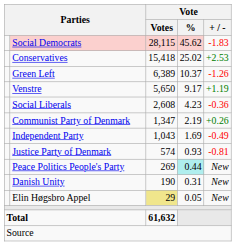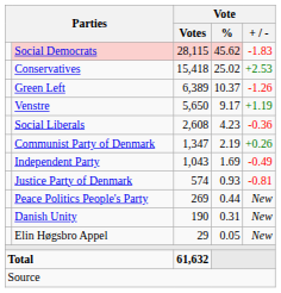 <table class="wikitable" style="text-align:right;">
 <tr>
 <th style="text-align:centre;" rowspan="2" colspan="2" width="225">Parties</th>
 <th colspan="3">Vote</th>
 </tr>
 <tr>
 <th width="15">Votes</th>
 <th width="15">%</th>
 <th width="15">+ / -</th>
 </tr>
 <tr>
 <td width="2" style="color:inherit;background:"></td>
 <td bgcolor=#fbd0ce  align="left"><a href='#'>Social Democrats</a></td>
 <td bgcolor=#fbd0ce>28,115</td>
 <td bgcolor=#fbd0ce>45.62</td>
 <td style=color:red;>-1.83</td>
 </tr>
 <tr>
 <td width="2" style="color:inherit;background:"></td>
 <td align="left"><a href='#'>Conservatives</a></td>
 <td>15,418</td>
 <td>25.02</td>
 <td style=color:green;>+2.53</td>
 </tr>
 <tr>
 <td width="2" style="color:inherit;background:"></td>
 <td align="left"><a href='#'>Green Left</a></td>
 <td>6,389</td>
 <td>10.37</td>
 <td style=color:red;>-1.26</td>
 </tr>
 <tr>
 <td width="2" style="color:inherit;background:"></td>
 <td align="left"><a href='#'>Venstre</a></td>
 <td>5,650</td>
 <td>9.17</td>
 <td style=color:green;>+1.19</td>
 </tr>
 <tr>
 <td width="2" style="color:inherit;background:"></td>
 <td align="left"><a href='#'>Social Liberals</a></td>
 <td>2,608</td>
 <td>4.23</td>
 <td style=color:red;>-0.36</td>
 </tr>
 <tr>
 <td width="2" style="color:inherit;background:"></td>
 <td align="left"><a href='#'>Communist Party of Denmark</a></td>
 <td>1,347</td>
 <td>2.19</td>
 <td style=color:green;>+0.26</td>
 </tr>
 <tr>
 <td width="2" style="color:inherit;background:"></td>
 <td align="left"><a href='#'>Independent Party</a></td>
 <td>1,043</td>
 <td>1.69</td>
 <td style=color:red;>-0.49</td>
 </tr>
 <tr>
 <td width="2" style="color:inherit;background:"></td>
 <td align="left"><a href='#'>Justice Party of Denmark</a></td>
 <td>574</td>
 <td>0.93</td>
 <td style=color:red;>-0.81</td>
 </tr>
 <tr>
 <td width="2" style="color:inherit;background:"></td>
 <td align="left"><a href='#'>Peace Politics People's Party</a></td>
 <td>269</td>
-<td style="background: paleturquoise;">0.44</td>
+<td>0.44</td>
 <td><em>New</em></td>
 </tr>
 <tr>
 <td width="2" style="color:inherit;background:"></td>
 <td align="left"><a href='#'>Danish Unity</a></td>
 <td>190</td>
 <td>0.31</td>
 <td><em>New</em></td>
 </tr>
 <tr>
 <td width="2" style="color:inherit;background:"></td>
 <td align="left">Elin Høgsbro Appel</td>
-<td style="background: khaki;">29</td>
+<td>29</td>
 <td>0.05</td>
 <td><em>New</em></td>
 </tr>
 <tr>
 <td colspan="7" bgcolor="#E9E9E9"></td>
 </tr>
 <tr>
 <td align="left" colspan="2"><strong>Total</strong></td>
 <td><strong>61,632</strong></td>
 <td bgcolor="#E9E9E9" colspan="2"></td>
 </tr>
 <tr>
 <td align="left" colspan="6">Source</td>
 </tr>
 </table>
